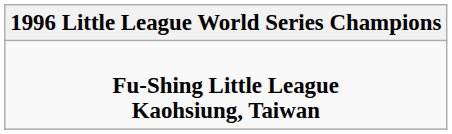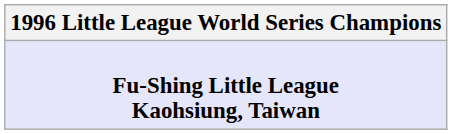 <table class="wikitable" style="text-align: center; margin: 0 auto;">
 <tr>
 <th>1996 Little League World Series Champions</th>
 </tr>
 <tr>
-<td><br><strong>Fu-Shing Little League</strong><br><strong>Kaohsiung, Taiwan</strong></td>
+<td style="background: lavender;"><br><strong>Fu-Shing Little League</strong><br><strong>Kaohsiung, Taiwan</strong></td>
 </tr>
 </table>
